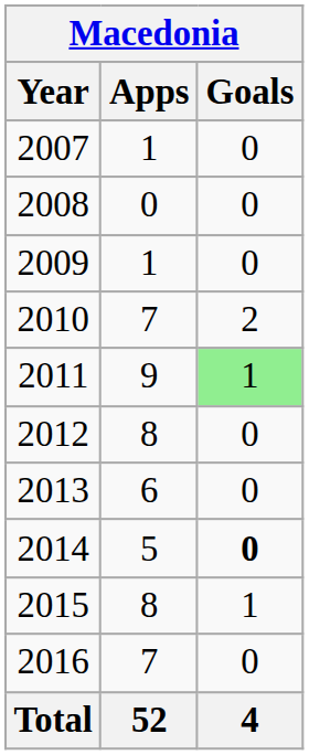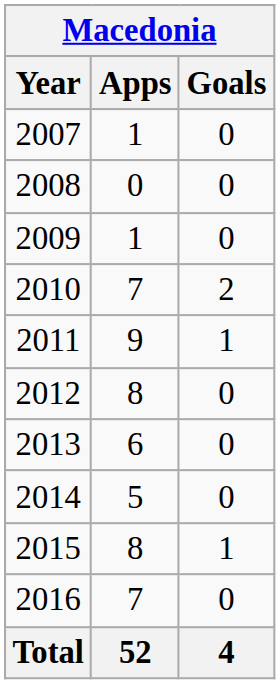 <table class="wikitable" style="text-align:center">
 <tr>
 <th colspan="3"><a href='#'>Macedonia</a></th>
 </tr>
 <tr>
 <th>Year</th>
 <th>Apps</th>
 <th>Goals</th>
 </tr>
 <tr>
 <td>2007</td>
 <td>1</td>
 <td>0</td>
 </tr>
 <tr>
 <td>2008</td>
 <td>0</td>
 <td>0</td>
 </tr>
 <tr>
 <td>2009</td>
 <td>1</td>
 <td>0</td>
 </tr>
 <tr>
 <td>2010</td>
 <td>7</td>
 <td>2</td>
 </tr>
 <tr>
 <td>2011</td>
 <td>9</td>
-<td style="background: lightgreen;">1</td>
+<td>1</td>
 </tr>
 <tr>
 <td>2012</td>
 <td>8</td>
 <td>0</td>
 </tr>
 <tr>
 <td>2013</td>
 <td>6</td>
 <td>0</td>
 </tr>
 <tr>
 <td>2014</td>
 <td>5</td>
-<td><strong>0</strong></td>
+<td>0</td>
 </tr>
 <tr>
 <td>2015</td>
 <td>8</td>
 <td>1</td>
 </tr>
 <tr>
 <td>2016</td>
 <td>7</td>
 <td>0</td>
 </tr>
 <tr>
 <th>Total</th>
 <th>52</th>
 <th>4</th>
 </tr>
 </table>
